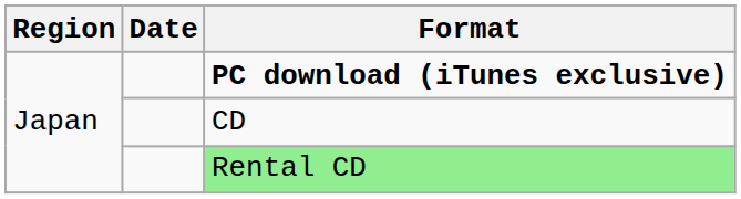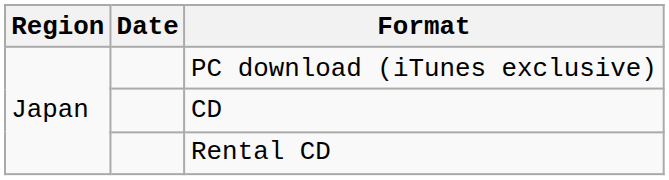 <table class="wikitable">
 <tr>
 <th>Region</th>
 <th>Date</th>
 <th>Format</th>
 </tr>
 <tr>
 <td rowspan="3">Japan</td>
 <td></td>
-<td><strong>PC download (iTunes exclusive)</strong></td>
+<td>PC download (iTunes exclusive)</td>
 </tr>
 <tr>
 <td></td>
 <td>CD</td>
 </tr>
 <tr>
 <td></td>
-<td style="background: lightgreen;">Rental CD</td>
+<td>Rental CD</td>
 </tr>
 </table>
